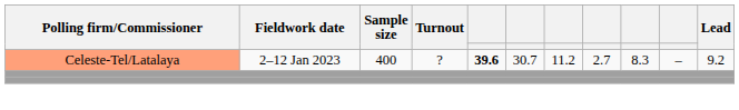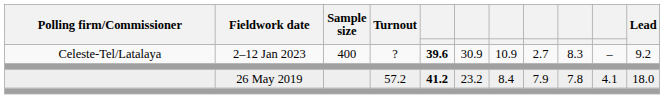 <table class="wikitable collapsible collapsed" style="text-align:center; font-size:95%; line-height:16px;">
 <tr style="height:42px;">
 <th style="width:250px;" rowspan="2">Polling firm/Commissioner</th>
 <th style="width:125px;" rowspan="2">Fieldwork date</th>
 <th style="width:50px;" rowspan="2">Sample size</th>
 <th style="width:45px;" rowspan="2">Turnout</th>
 <th style="width:35px;"></th>
 <th style="width:35px;"></th>
 <th style="width:35px;"></th>
 <th style="width:35px;"></th>
 <th style="width:35px;"></th>
 <th style="width:35px;"></th>
 <th style="width:30px;" rowspan="2">Lead</th>
 </tr>
 <tr>
 <th style="color:inherit;background:"></th>
 <th style="color:inherit;background:"></th>
 <th style="color:inherit;background:"></th>
 <th style="color:inherit;background:"></th>
 <th style="color:inherit;background:"></th>
 <th style="color:inherit;background:"></th>
 </tr>
 <tr>
-<td style="background: lightsalmon;">Celeste-Tel/Latalaya</td>
+<td>Celeste-Tel/Latalaya</td>
 <td>2–12 Jan 2023</td>
 <td>400</td>
 <td>?</td>
 <td><strong>39.6</strong><br></td>
-<td>30.7<br></td>
-<td>11.2<br></td>
+<td>30.9<br></td>
+<td>10.9<br></td>
 <td>2.7<br></td>
 <td>8.3<br></td>
 <td>–</td>
 <td style="background:">9.2</td>
 </tr>
 <tr>
 <td colspan="11" style="background:#A0A0A0"></td>
 </tr>
+<tr style="background:#EFEFEF;">
+<td><strong></strong></td>
+<td>26 May 2019</td>
+<td></td>
+<td>57.2</td>
+<td><strong>41.2</strong><br></td>
+<td>23.2<br></td>
+<td>8.4<br></td>
+<td>7.9<br></td>
+<td>7.8<br></td>
+<td>4.1<br></td>
+<td style="background:">18.0</td>
+</tr>
 <tr>
 <td colspan="11" style="background:#A0A0A0"></td>
 </tr>
 </table>
